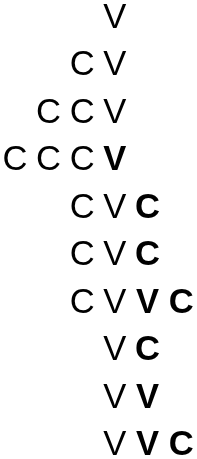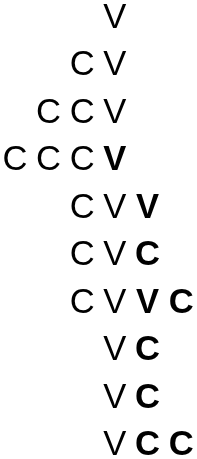 <table>
 <tr>
 <td></td>
 <td></td>
 <td></td>
 <td>V</td>
 <td></td>
 <td></td>
 </tr>
 <tr>
 <td></td>
 <td></td>
 <td>C</td>
 <td>V</td>
 <td></td>
 <td></td>
 </tr>
 <tr>
 <td></td>
 <td>C</td>
 <td>C</td>
 <td>V</td>
 <td></td>
 <td></td>
 </tr>
 <tr>
 <td>C</td>
 <td>C</td>
 <td>C</td>
 <td><strong>V</strong></td>
 <td></td>
 <td></td>
 </tr>
 <tr>
 <td></td>
 <td></td>
 <td>C</td>
 <td>V</td>
-<th>C</th>
+<th>V</th>
 <th></th>
 </tr>
 <tr>
 <td></td>
 <td></td>
 <td>C</td>
 <td>V</td>
 <th>C</th>
 <th></th>
 </tr>
 <tr>
 <td></td>
 <td></td>
 <td>C</td>
 <td>V</td>
 <th>V</th>
 <th>C</th>
 </tr>
 <tr>
 <td></td>
 <td></td>
 <td></td>
 <td>V</td>
 <th>C</th>
 <th></th>
 </tr>
 <tr>
 <td></td>
 <td></td>
 <td></td>
 <td>V</td>
-<th>V</th>
+<th>C</th>
 <th></th>
 </tr>
 <tr>
 <td></td>
 <td></td>
 <td></td>
 <td>V</td>
-<th>V</th>
+<th>C</th>
 <th>C</th>
 </tr>
 </table>
